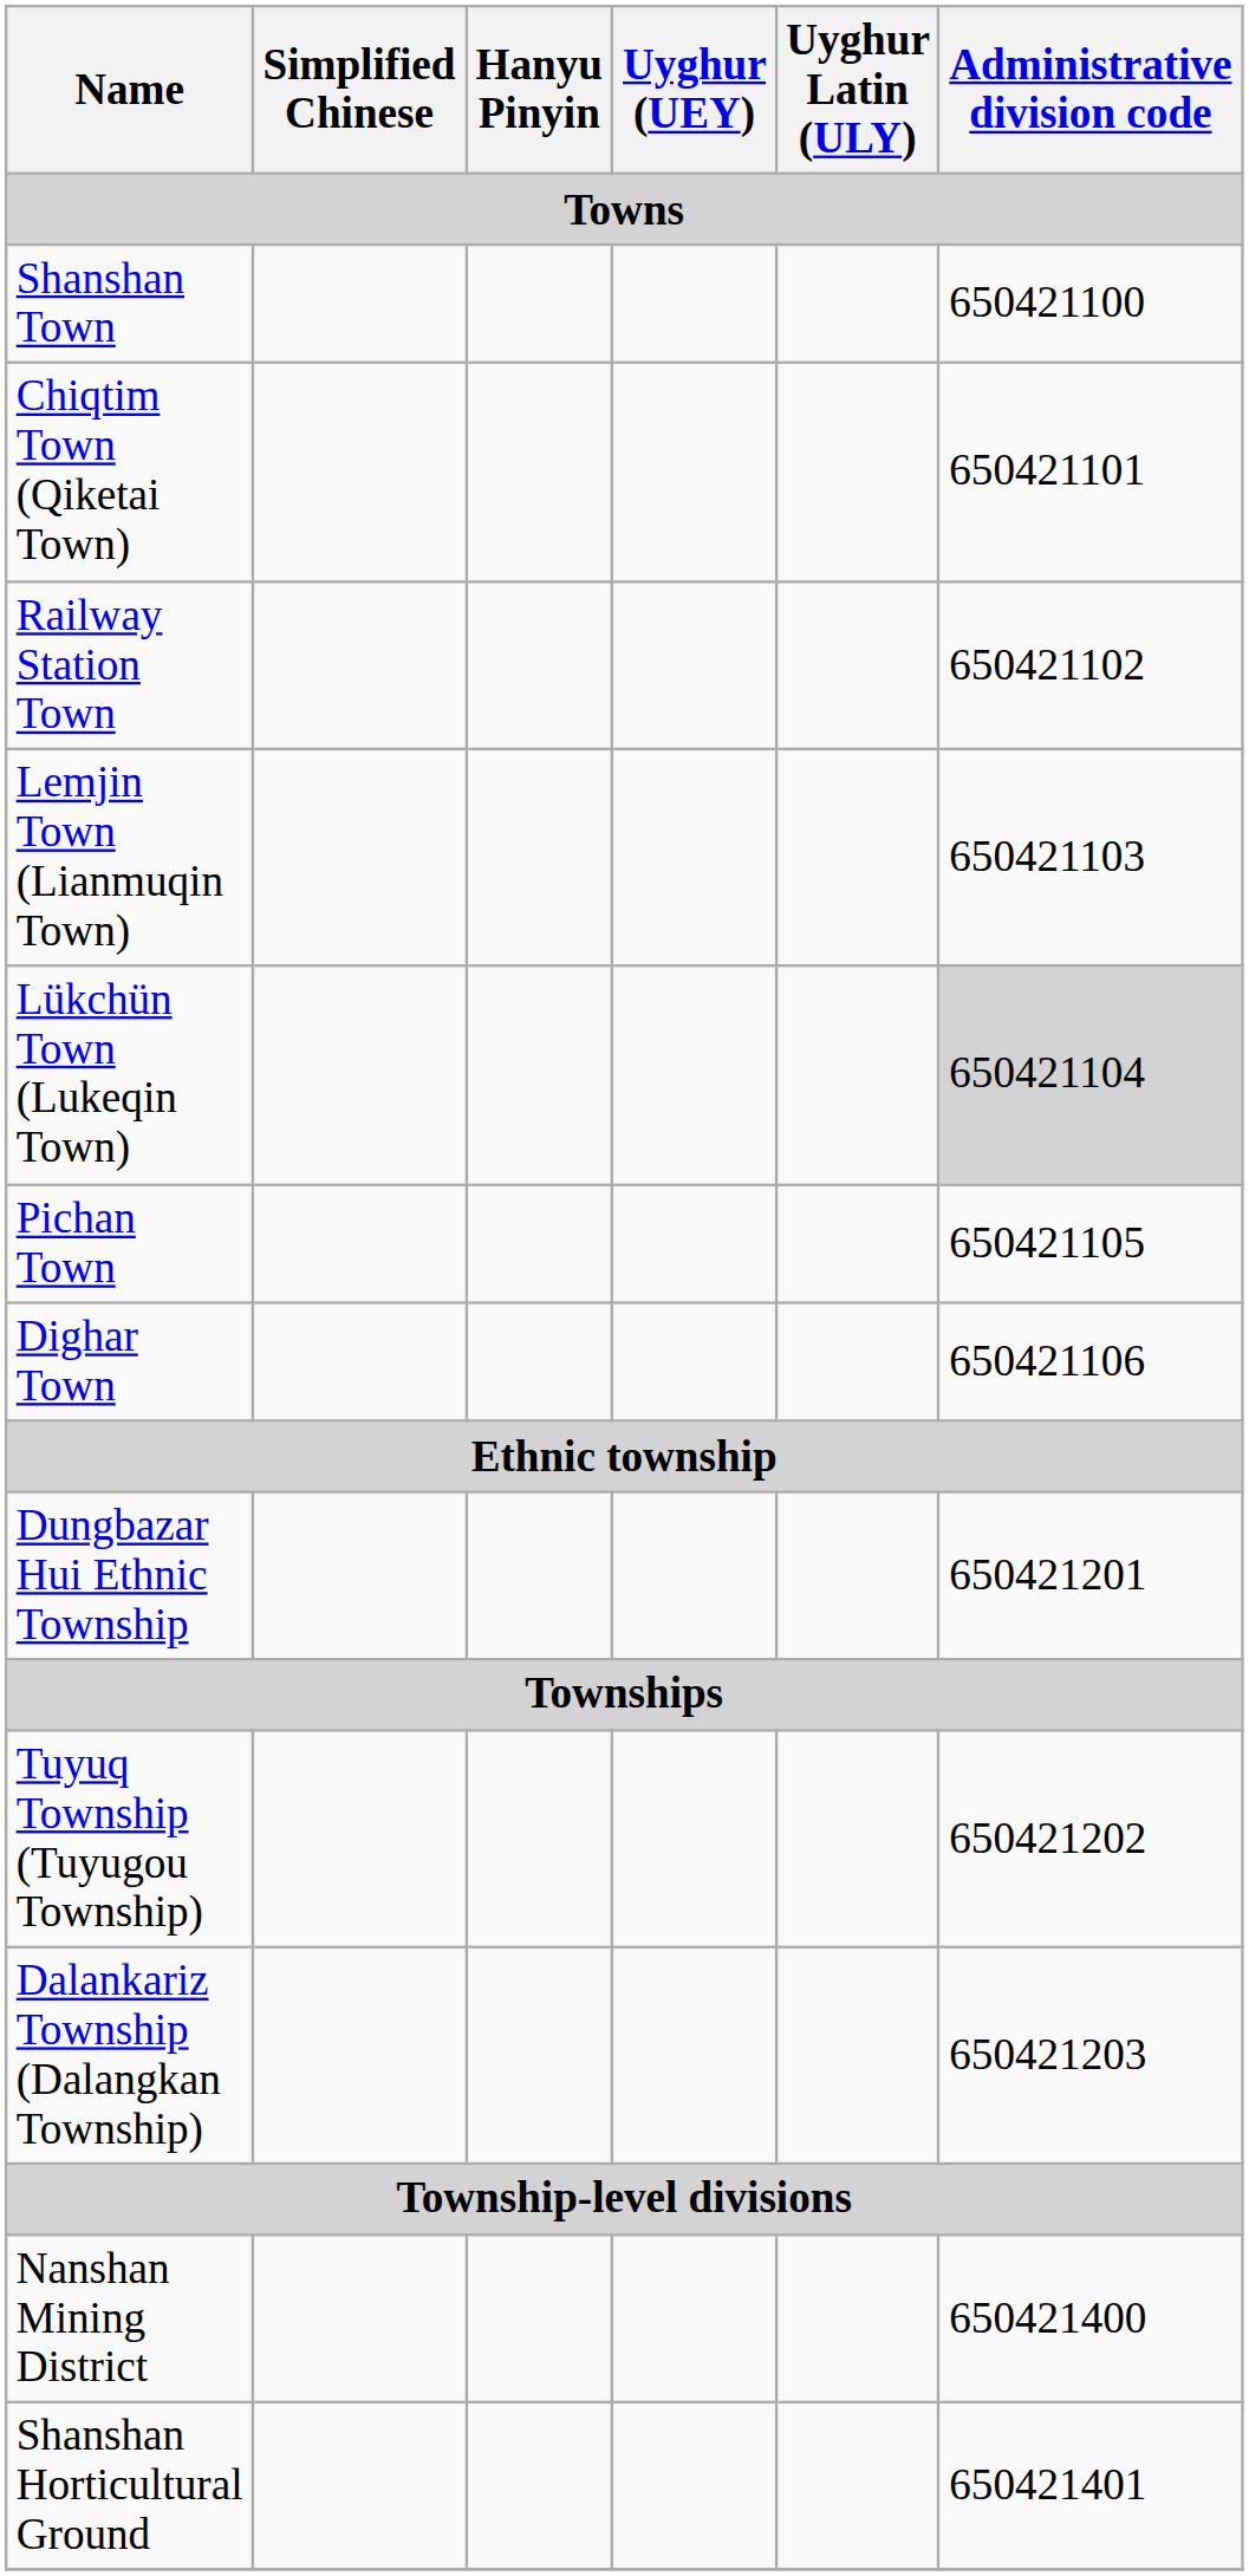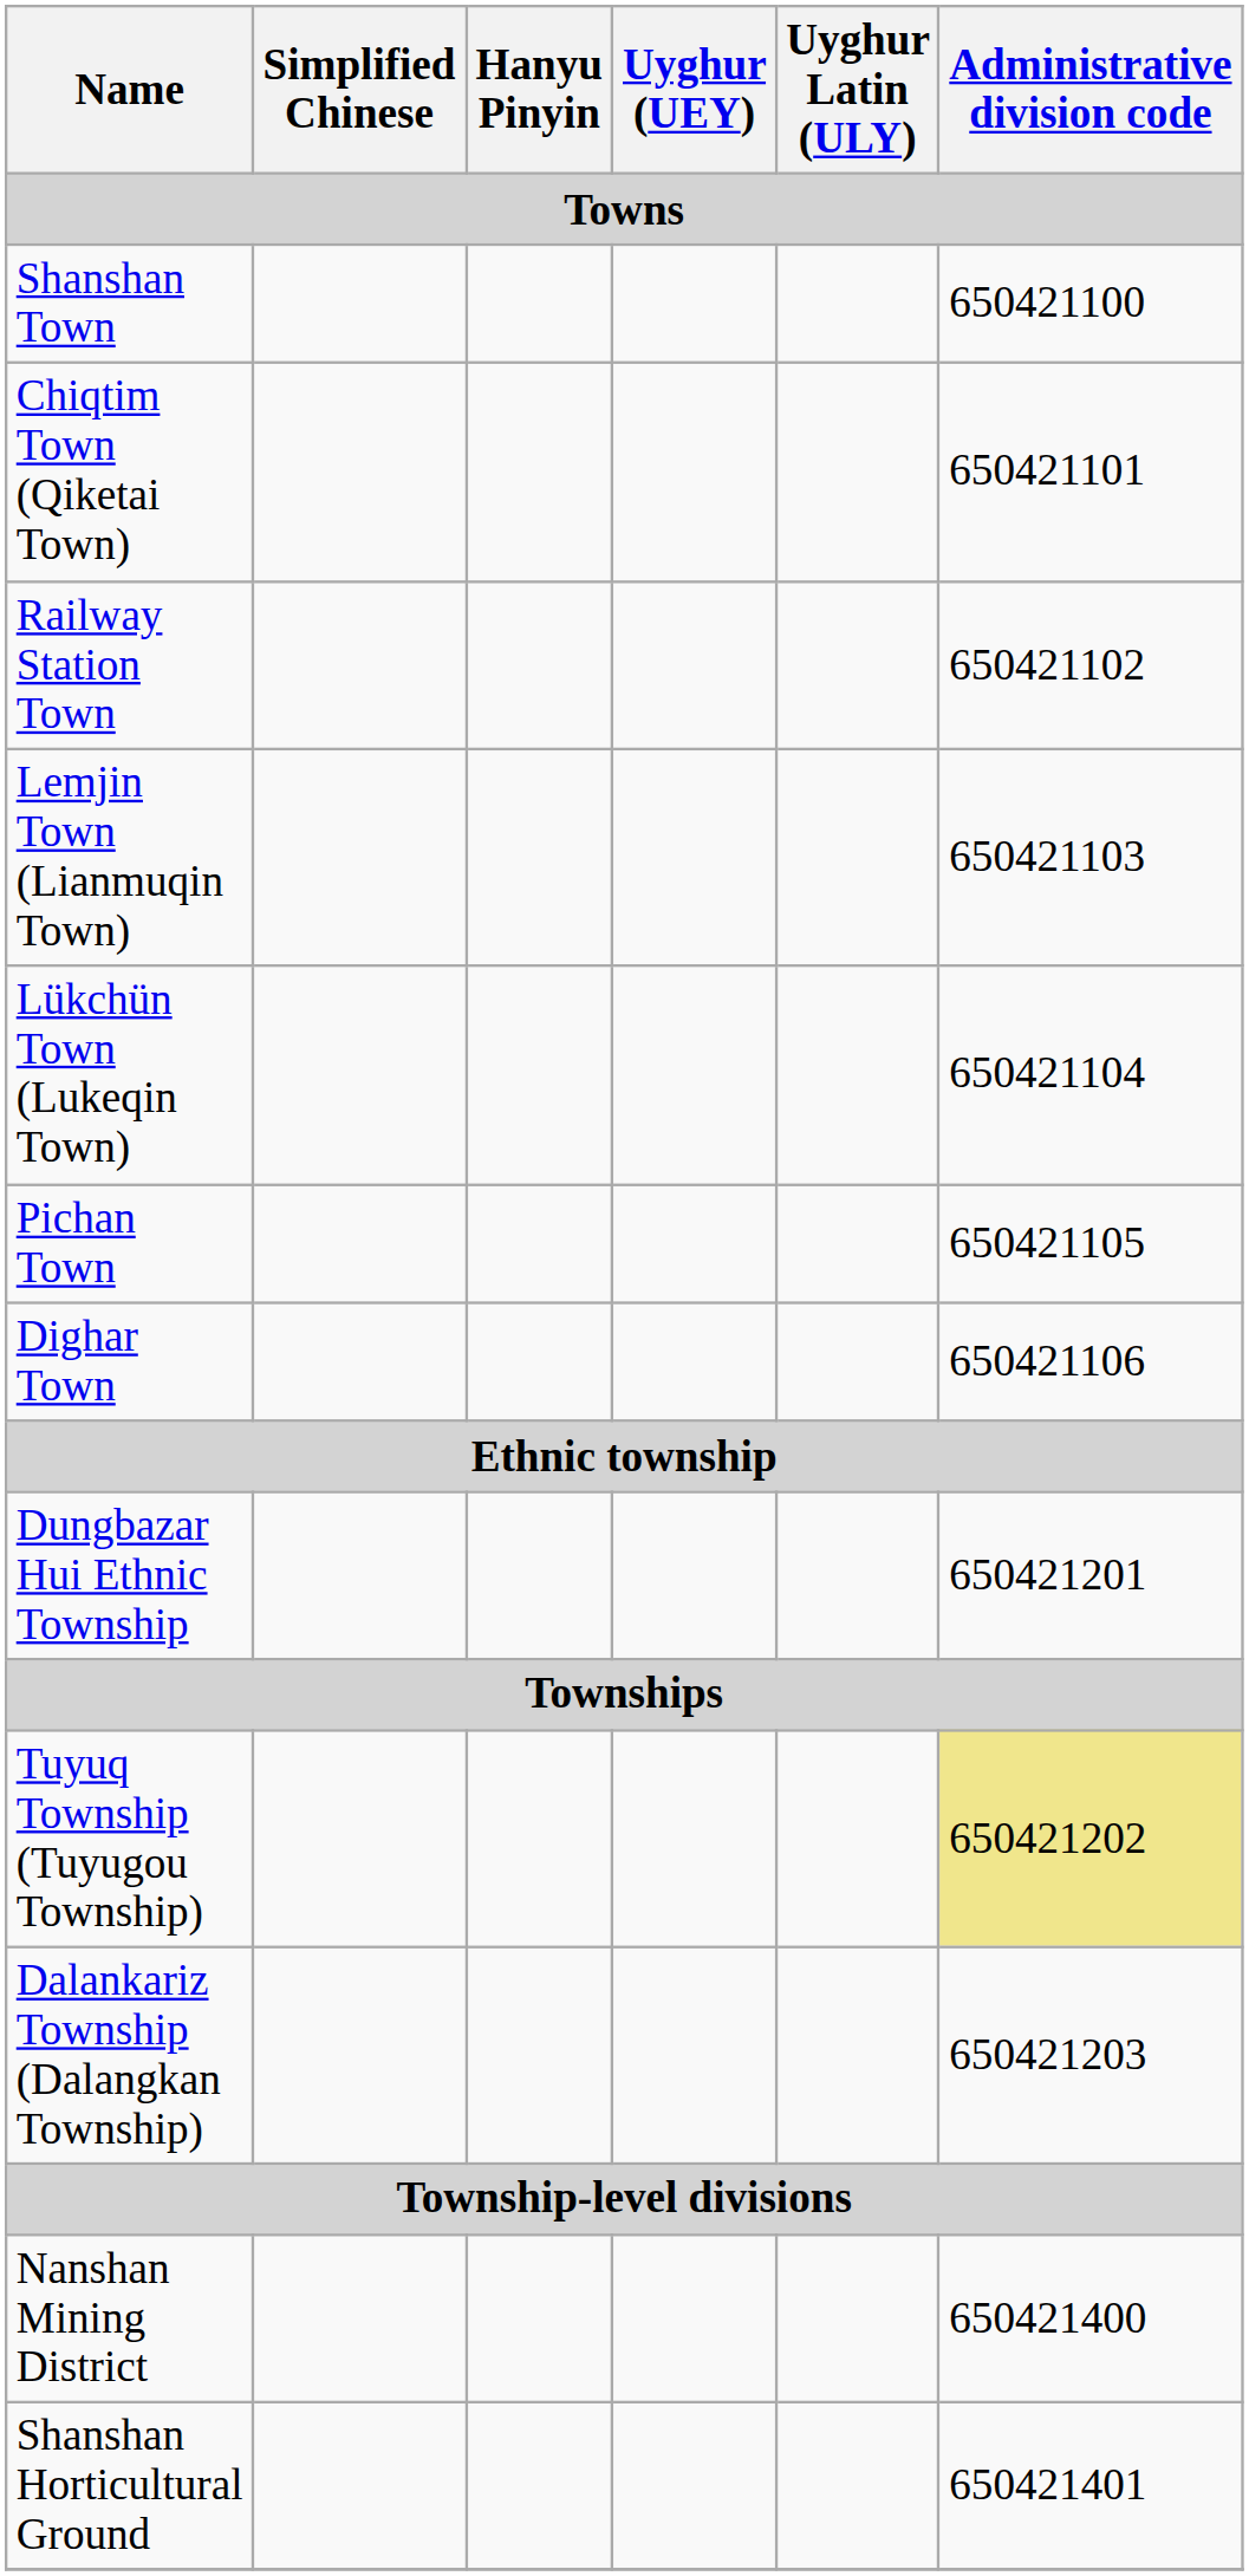 <table class="wikitable" align="center" style="width:50%; border="1">
 <tr>
 <th>Name</th>
 <th>Simplified Chinese</th>
 <th>Hanyu Pinyin</th>
 <th><a href='#'>Uyghur</a> (<a href='#'>UEY</a>)</th>
 <th>Uyghur Latin (<a href='#'>ULY</a>)</th>
 <th><a href='#'>Administrative division code</a></th>
 </tr>
 <tr>
 <td colspan="7"  style="text-align:center; background:#d3d3d3;"><strong>Towns</strong></td>
 </tr>
 <tr --------->
 <td><a href='#'>Shanshan Town</a></td>
 <td></td>
 <td></td>
 <td></td>
 <td></td>
 <td>650421100</td>
 </tr>
 <tr>
 <td><a href='#'>Chiqtim Town</a><br>(Qiketai Town)</td>
 <td></td>
 <td></td>
 <td></td>
 <td></td>
 <td>650421101</td>
 </tr>
 <tr>
 <td><a href='#'>Railway Station Town</a></td>
 <td></td>
 <td></td>
 <td></td>
 <td></td>
 <td>650421102</td>
 </tr>
 <tr>
 <td><a href='#'>Lemjin Town</a><br>(Lianmuqin Town)</td>
 <td></td>
 <td></td>
 <td></td>
 <td></td>
 <td>650421103</td>
 </tr>
 <tr>
 <td><a href='#'>Lükchün Town</a><br>(Lukeqin Town)</td>
 <td></td>
 <td></td>
 <td></td>
 <td></td>
-<td style="background: lightgrey;">650421104</td>
+<td>650421104</td>
 </tr>
 <tr>
 <td><a href='#'>Pichan Town</a></td>
 <td></td>
 <td></td>
 <td></td>
 <td></td>
 <td>650421105</td>
 </tr>
 <tr>
 <td><a href='#'>Dighar Town</a></td>
 <td></td>
 <td></td>
 <td></td>
 <td></td>
 <td>650421106</td>
 </tr>
 <tr --------->
 <td colspan="7"  style="text-align:center; background:#d3d3d3;"><strong>Ethnic township</strong></td>
 </tr>
 <tr --------->
 <td><a href='#'>Dungbazar Hui Ethnic Township</a></td>
 <td></td>
 <td></td>
 <td></td>
 <td></td>
 <td>650421201</td>
 </tr>
 <tr --------->
 <td colspan="7"  style="text-align:center; background:#d3d3d3;"><strong>Townships</strong></td>
 </tr>
 <tr --------->
 <td><a href='#'>Tuyuq Township</a><br>(Tuyugou Township)</td>
 <td></td>
 <td></td>
 <td></td>
 <td></td>
-<td>650421202</td>
+<td style="background: khaki;">650421202</td>
 </tr>
 <tr>
 <td><a href='#'>Dalankariz Township</a><br>(Dalangkan Township)</td>
 <td></td>
 <td></td>
 <td></td>
 <td></td>
 <td>650421203</td>
 </tr>
 <tr --------->
 <td colspan="7"  style="text-align:center; background:#d3d3d3;"><strong>Township-level divisions</strong></td>
 </tr>
 <tr --------->
 <td>Nanshan Mining District</td>
 <td></td>
 <td></td>
 <td></td>
 <td></td>
 <td>650421400</td>
 </tr>
 <tr>
 <td>Shanshan Horticultural Ground</td>
 <td></td>
 <td></td>
 <td></td>
 <td></td>
 <td>650421401</td>
 </tr>
 <tr>
 </tr>
 </table>
